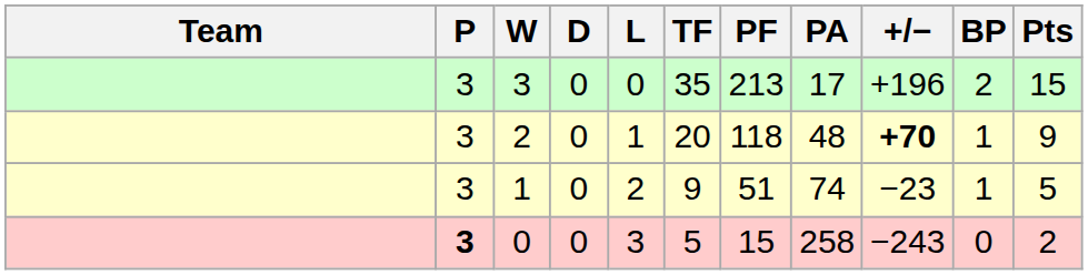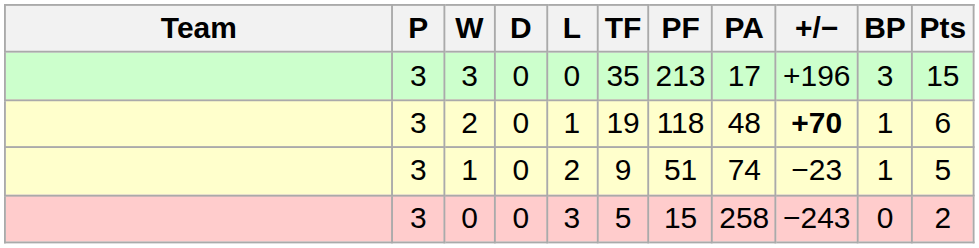 <table class="wikitable" style="text-align:center">
 <tr>
 <th width="200">Team</th>
 <th width="20">P</th>
 <th width="20">W</th>
 <th width="20">D</th>
 <th width="20">L</th>
 <th width="20">TF</th>
 <th width="20">PF</th>
 <th width="20">PA</th>
 <th width="25">+/−</th>
 <th width="20">BP</th>
 <th width="20">Pts</th>
 </tr>
 <tr style="background:#cfc;">
 <td align="left"></td>
 <td>3</td>
 <td>3</td>
 <td>0</td>
 <td>0</td>
 <td>35</td>
 <td>213</td>
 <td>17</td>
 <td>+196</td>
-<td>2</td>
+<td>3</td>
 <td>15</td>
 </tr>
 <tr style="background:#ffc;">
 <td align="left"></td>
 <td>3</td>
 <td>2</td>
 <td>0</td>
 <td>1</td>
-<td>20</td>
+<td>19</td>
 <td>118</td>
 <td>48</td>
 <td><strong>+70</strong></td>
 <td>1</td>
-<td>9</td>
+<td>6</td>
 </tr>
 <tr style="background:#ffc;">
 <td align="left"></td>
 <td>3</td>
 <td>1</td>
 <td>0</td>
 <td>2</td>
 <td>9</td>
 <td>51</td>
 <td>74</td>
 <td>−23</td>
 <td>1</td>
 <td>5</td>
 </tr>
 <tr style="background:#fcc;">
 <td align="left"></td>
-<td><strong>3</strong></td>
+<td>3</td>
 <td>0</td>
 <td>0</td>
 <td>3</td>
 <td>5</td>
 <td>15</td>
 <td>258</td>
 <td>−243</td>
 <td>0</td>
 <td>2</td>
 </tr>
 </table>
